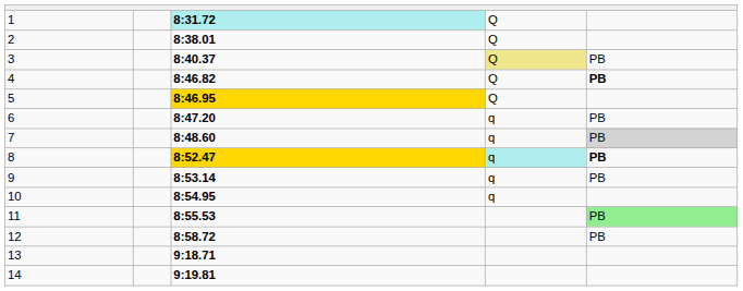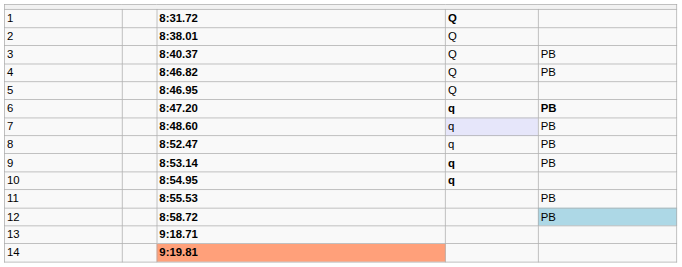 <table class="wikitable" width=75%>
 <tr>
 <th colspan="5"></th>
 </tr>
 <tr>
 <td>1</td>
 <td></td>
-<td style="background: paleturquoise;"><strong>8:31.72</strong></td>
-<td>Q</td>
+<td><strong>8:31.72</strong></td>
+<td><strong>Q</strong></td>
 <td></td>
 </tr>
 <tr>
 <td>2</td>
 <td></td>
 <td><strong>8:38.01</strong></td>
 <td>Q</td>
 <td></td>
 </tr>
 <tr>
 <td>3</td>
 <td></td>
 <td><strong>8:40.37</strong></td>
-<td style="background: khaki;">Q</td>
+<td>Q</td>
 <td>PB</td>
 </tr>
 <tr>
 <td>4</td>
 <td></td>
 <td><strong>8:46.82</strong></td>
 <td>Q</td>
-<td><strong>PB</strong></td>
+<td>PB</td>
 </tr>
 <tr>
 <td>5</td>
 <td></td>
-<td style="background: gold;"><strong>8:46.95</strong></td>
+<td><strong>8:46.95</strong></td>
 <td>Q</td>
 <td></td>
 </tr>
 <tr>
 <td>6</td>
 <td></td>
 <td><strong>8:47.20</strong></td>
-<td>q</td>
-<td>PB</td>
+<td><strong>q</strong></td>
+<td><strong>PB</strong></td>
 </tr>
 <tr>
 <td>7</td>
 <td></td>
 <td><strong>8:48.60</strong></td>
-<td>q</td>
-<td style="background: lightgrey;">PB</td>
+<td style="background: lavender;">q</td>
+<td>PB</td>
 </tr>
 <tr>
 <td>8</td>
 <td></td>
-<td style="background: gold;"><strong>8:52.47</strong></td>
-<td style="background: paleturquoise;">q</td>
-<td><strong>PB</strong></td>
+<td><strong>8:52.47</strong></td>
+<td>q</td>
+<td>PB</td>
 </tr>
 <tr>
 <td>9</td>
 <td></td>
 <td><strong>8:53.14</strong></td>
-<td>q</td>
+<td><strong>q</strong></td>
 <td>PB</td>
 </tr>
 <tr>
 <td>10</td>
 <td></td>
 <td><strong>8:54.95</strong></td>
-<td>q</td>
+<td><strong>q</strong></td>
 <td></td>
 </tr>
 <tr>
 <td>11</td>
 <td></td>
 <td><strong>8:55.53</strong></td>
 <td></td>
-<td style="background: lightgreen;">PB</td>
+<td>PB</td>
 </tr>
 <tr>
 <td>12</td>
 <td></td>
 <td><strong>8:58.72</strong></td>
 <td></td>
-<td>PB</td>
+<td style="background: lightblue;">PB</td>
 </tr>
 <tr>
 <td>13</td>
 <td></td>
 <td><strong>9:18.71</strong></td>
 <td></td>
 <td></td>
 </tr>
 <tr>
 <td>14</td>
 <td></td>
-<td><strong>9:19.81</strong></td>
+<td style="background: lightsalmon;"><strong>9:19.81</strong></td>
 <td></td>
 <td></td>
 </tr>
 </table>
